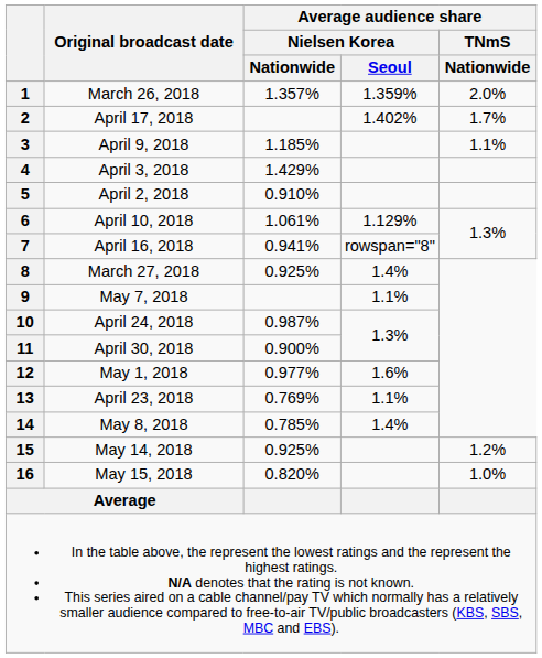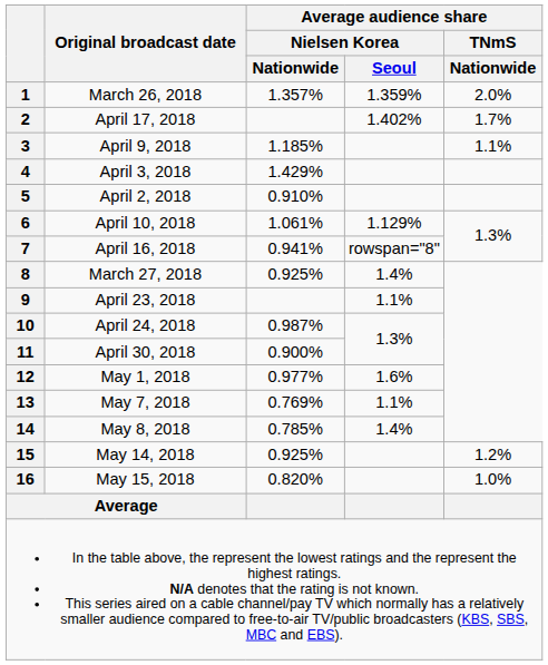 <table class="wikitable" style="text-align:center;max-width:530px; margin-left: auto; margin-right: auto; border: none;">
 <tr>
 </tr>
 <tr>
 <th rowspan="3"></th>
 <th rowspan="3">Original broadcast date</th>
 <th colspan="4">Average audience share</th>
 </tr>
 <tr>
 <th colspan="2">Nielsen Korea</th>
 <th width="90">TNmS</th>
 </tr>
 <tr>
 <th width="90">Nationwide</th>
 <th width="90"><a href='#'>Seoul</a></th>
 <th width="90">Nationwide</th>
 </tr>
 <tr>
 <th>1</th>
 <td>March 26, 2018</td>
 <td>1.357%</td>
 <td>1.359%</td>
 <td>2.0%</td>
 </tr>
 <tr>
 <th>2</th>
 <td>April 17, 2018</td>
 <td></td>
 <td>1.402%</td>
 <td>1.7%</td>
 </tr>
 <tr>
 <th>3</th>
 <td>April 9, 2018</td>
 <td>1.185%</td>
 <td></td>
 <td>1.1%</td>
 </tr>
 <tr>
 <th>4</th>
 <td>April 3, 2018</td>
 <td>1.429%</td>
 <td></td>
 <td></td>
 </tr>
 <tr>
 <th>5</th>
 <td>April 2, 2018</td>
 <td>0.910%</td>
 <td></td>
 <td></td>
 </tr>
 <tr>
 <th>6</th>
 <td>April 10, 2018</td>
 <td>1.061%</td>
 <td>1.129%</td>
 <td rowspan="2">1.3%</td>
 </tr>
 <tr>
 <th>7</th>
 <td>April 16, 2018</td>
 <td>0.941%</td>
 <td>rowspan="8" </td>
 </tr>
 <tr>
 <th>8</th>
 <td>March 27, 2018</td>
 <td>0.925%</td>
 <td>1.4%</td>
 </tr>
 <tr>
 <th>9</th>
-<td>May 7, 2018</td>
+<td>April 23, 2018</td>
 <td></td>
 <td>1.1%</td>
 </tr>
 <tr>
 <th>10</th>
 <td>April 24, 2018</td>
 <td>0.987%</td>
 <td rowspan="2">1.3%</td>
 </tr>
 <tr>
 <th>11</th>
 <td>April 30, 2018</td>
 <td>0.900%</td>
 </tr>
 <tr>
 <th>12</th>
 <td>May 1, 2018</td>
 <td>0.977%</td>
 <td>1.6%</td>
 </tr>
 <tr>
 <th>13</th>
-<td>April 23, 2018</td>
+<td>May 7, 2018</td>
 <td>0.769%</td>
 <td>1.1%</td>
 </tr>
 <tr>
 <th>14</th>
 <td>May 8, 2018</td>
 <td>0.785%</td>
 <td>1.4%</td>
 </tr>
 <tr>
 <th>15</th>
 <td>May 14, 2018</td>
 <td>0.925%</td>
 <td></td>
 <td>1.2%</td>
 </tr>
 <tr>
 <th>16</th>
 <td>May 15, 2018</td>
 <td>0.820%</td>
 <td></td>
 <td>1.0%</td>
 </tr>
 <tr>
 <th colspan="2">Average</th>
 <th></th>
 <th></th>
 <th></th>
 </tr>
 <tr>
 <td colspan="5" style="font-size:85%"><br><ul><li>In the table above, the <strong></strong> represent the lowest ratings and the <strong></strong> represent the highest ratings.</li><li><strong>N/A</strong> denotes that the rating is not known.</li><li>This series aired on a cable channel/pay TV which normally has a relatively smaller audience compared to free-to-air TV/public broadcasters (<a href='#'>KBS</a>, <a href='#'>SBS</a>, <a href='#'>MBC</a> and <a href='#'>EBS</a>).</li></ul></td>
 </tr>
 </table>
